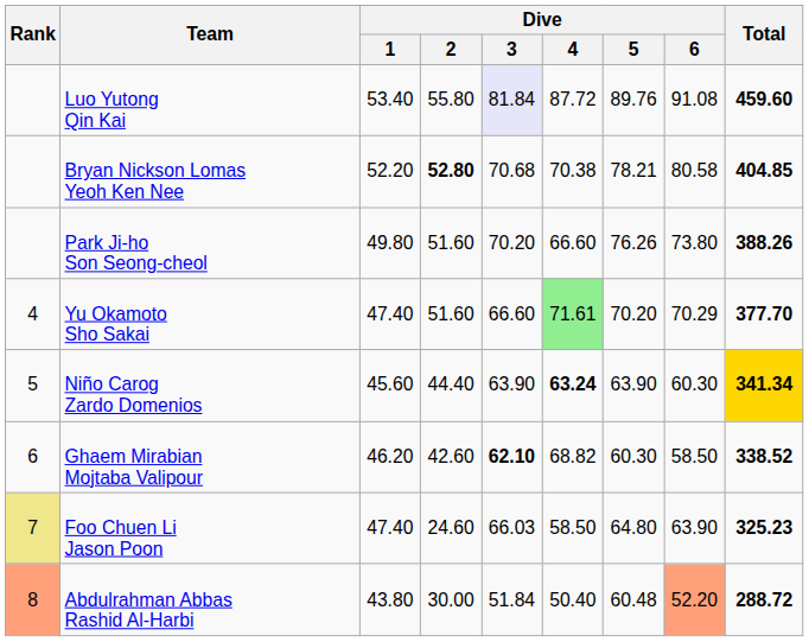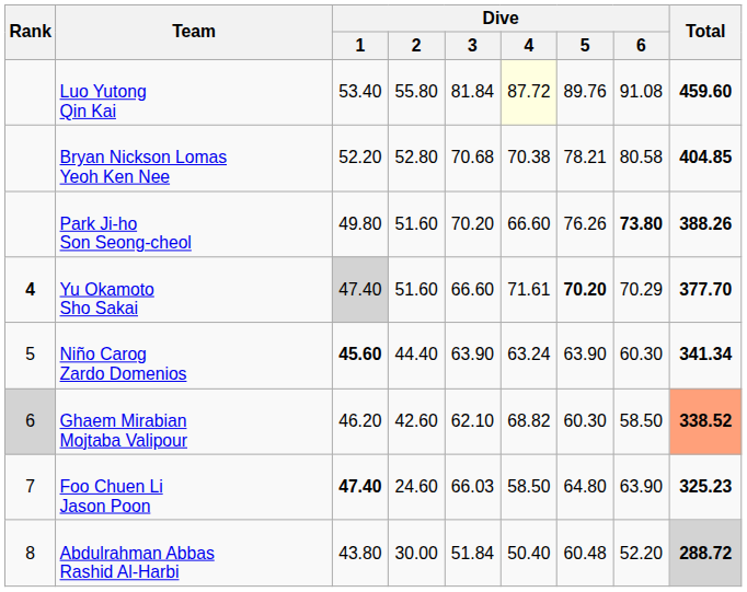 <table class=wikitable style="text-align:center">
 <tr>
 <th rowspan="2" width=40>Rank</th>
 <th rowspan="2" width=250>Team</th>
 <th colspan="6">Dive</th>
 <th rowspan="2" width=60>Total</th>
 </tr>
 <tr>
 <th width=45>1</th>
 <th width=45>2</th>
 <th width=45>3</th>
 <th width=45>4</th>
 <th width=45>5</th>
 <th width=45>6</th>
 </tr>
 <tr>
 <td></td>
 <td align=left><br><a href='#'>Luo Yutong</a><br><a href='#'>Qin Kai</a></td>
 <td>53.40</td>
 <td>55.80</td>
-<td style="background: lavender;">81.84</td>
-<td>87.72</td>
+<td>81.84</td>
+<td style="background: lightyellow;">87.72</td>
 <td>89.76</td>
 <td>91.08</td>
 <td><strong>459.60</strong></td>
 </tr>
 <tr>
 <td></td>
 <td align=left><br><a href='#'>Bryan Nickson Lomas</a><br><a href='#'>Yeoh Ken Nee</a></td>
 <td>52.20</td>
-<td><strong>52.80</strong></td>
+<td>52.80</td>
 <td>70.68</td>
 <td>70.38</td>
 <td>78.21</td>
 <td>80.58</td>
 <td><strong>404.85</strong></td>
 </tr>
 <tr>
 <td></td>
 <td align=left><br><a href='#'>Park Ji-ho</a><br><a href='#'>Son Seong-cheol</a></td>
 <td>49.80</td>
 <td>51.60</td>
 <td>70.20</td>
 <td>66.60</td>
 <td>76.26</td>
-<td>73.80</td>
+<td><strong>73.80</strong></td>
 <td><strong>388.26</strong></td>
 </tr>
 <tr>
-<td>4</td>
+<td><strong>4</strong></td>
 <td align=left><br><a href='#'>Yu Okamoto</a><br><a href='#'>Sho Sakai</a></td>
-<td>47.40</td>
+<td style="background: lightgrey;">47.40</td>
 <td>51.60</td>
 <td>66.60</td>
-<td style="background: lightgreen;">71.61</td>
-<td>70.20</td>
+<td>71.61</td>
+<td><strong>70.20</strong></td>
 <td>70.29</td>
 <td><strong>377.70</strong></td>
 </tr>
 <tr>
 <td>5</td>
 <td align=left><br><a href='#'>Niño Carog</a><br><a href='#'>Zardo Domenios</a></td>
-<td>45.60</td>
+<td><strong>45.60</strong></td>
 <td>44.40</td>
 <td>63.90</td>
-<td><strong>63.24</strong></td>
+<td>63.24</td>
 <td>63.90</td>
 <td>60.30</td>
-<td style="background: gold;"><strong>341.34</strong></td>
+<td><strong>341.34</strong></td>
 </tr>
 <tr>
-<td>6</td>
+<td style="background: lightgrey;">6</td>
 <td align=left><br><a href='#'>Ghaem Mirabian</a><br><a href='#'>Mojtaba Valipour</a></td>
 <td>46.20</td>
 <td>42.60</td>
-<td><strong>62.10</strong></td>
+<td>62.10</td>
 <td>68.82</td>
 <td>60.30</td>
 <td>58.50</td>
-<td><strong>338.52</strong></td>
+<td style="background: lightsalmon;"><strong>338.52</strong></td>
 </tr>
 <tr>
-<td style="background: khaki;">7</td>
+<td>7</td>
 <td align=left><br><a href='#'>Foo Chuen Li</a><br><a href='#'>Jason Poon</a></td>
-<td>47.40</td>
+<td><strong>47.40</strong></td>
 <td>24.60</td>
 <td>66.03</td>
 <td>58.50</td>
 <td>64.80</td>
 <td>63.90</td>
 <td><strong>325.23</strong></td>
 </tr>
 <tr>
-<td style="background: lightsalmon;">8</td>
+<td>8</td>
 <td align=left><br><a href='#'>Abdulrahman Abbas</a><br><a href='#'>Rashid Al-Harbi</a></td>
 <td>43.80</td>
 <td>30.00</td>
 <td>51.84</td>
 <td>50.40</td>
 <td>60.48</td>
-<td style="background: lightsalmon;">52.20</td>
-<td><strong>288.72</strong></td>
+<td>52.20</td>
+<td style="background: lightgrey;"><strong>288.72</strong></td>
 </tr>
 </table>
